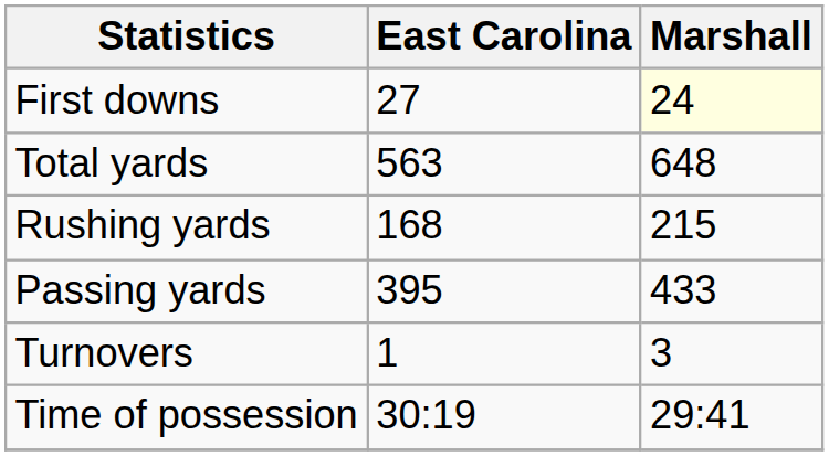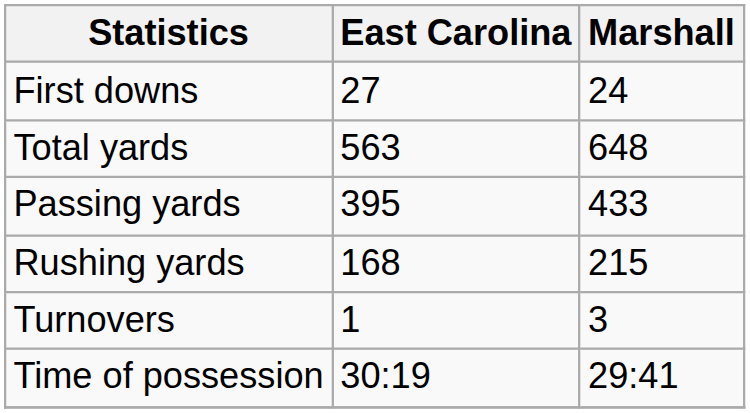 <table class="wikitable">
 <tr>
 <th>Statistics</th>
 <th>East Carolina</th>
 <th>Marshall</th>
 </tr>
 <tr>
 <td>First downs</td>
 <td>27</td>
-<td style="background: lightyellow;">24</td>
+<td>24</td>
 </tr>
 <tr>
 <td>Total yards</td>
 <td>563</td>
 <td>648</td>
 </tr>
 <tr>
+<td>Passing yards</td>
+<td>395</td>
+<td>433</td>
+</tr>
+<tr>
 <td>Rushing yards</td>
 <td>168</td>
 <td>215</td>
-</tr>
-<tr>
-<td>Passing yards</td>
-<td>395</td>
-<td>433</td>
 </tr>
 <tr>
 <td>Turnovers</td>
 <td>1</td>
 <td>3</td>
 </tr>
 <tr>
 <td>Time of possession</td>
 <td>30:19</td>
 <td>29:41</td>
 </tr>
 <tr>
 </tr>
 </table>
